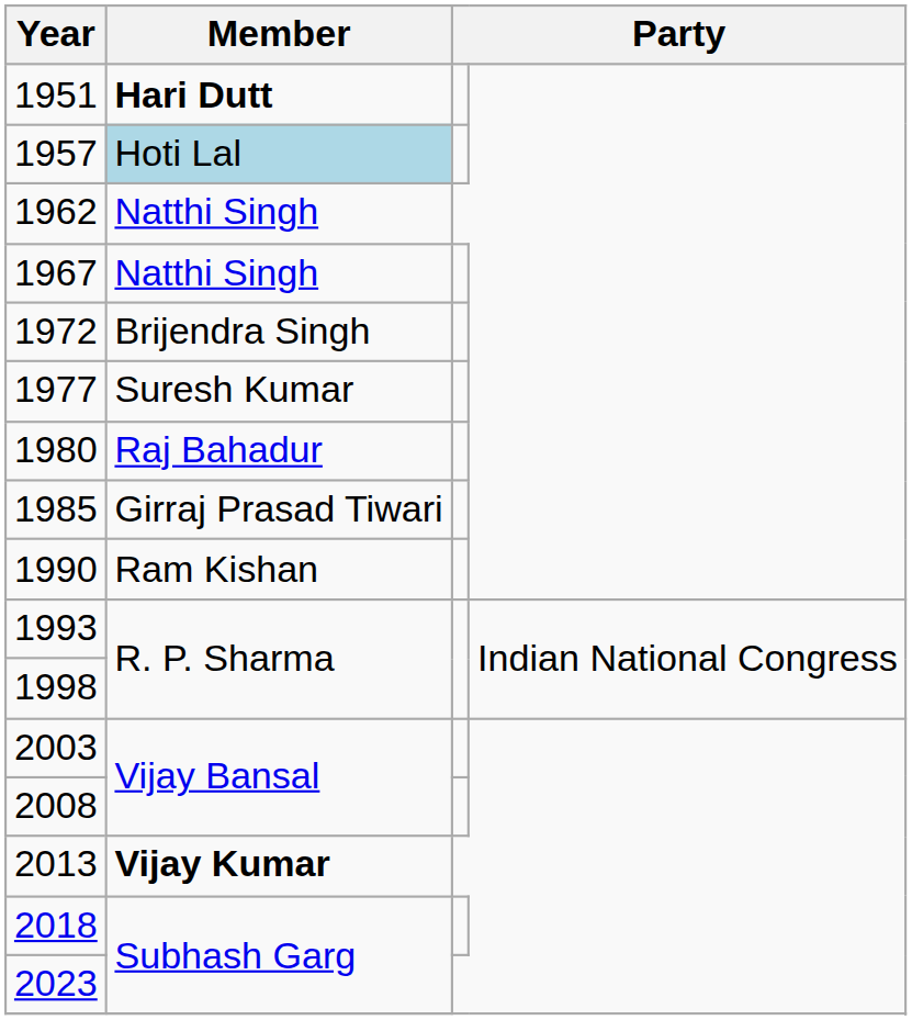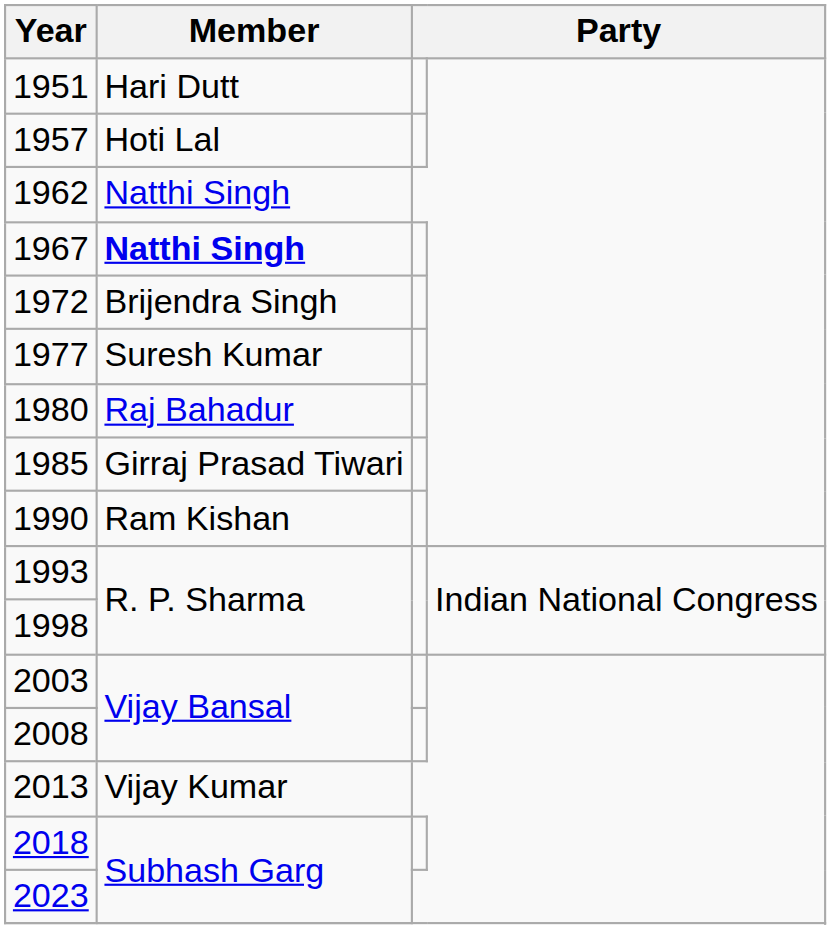 <table class="wikitable sortable">
 <tr>
 <th>Year</th>
 <th>Member</th>
 <th colspan="2">Party</th>
 </tr>
 <tr>
 <td>1951</td>
-<td><strong>Hari Dutt</strong></td>
+<td>Hari Dutt</td>
 <td></td>
 </tr>
 <tr>
 <td>1957</td>
-<td style="background: lightblue;">Hoti Lal</td>
+<td>Hoti Lal</td>
 <td></td>
 </tr>
 <tr>
 <td>1962</td>
 <td><a href='#'>Natthi Singh</a></td>
 </tr>
 <tr>
 <td>1967</td>
-<td><a href='#'>Natthi Singh</a></td>
+<td><strong><a href='#'>Natthi Singh</a></strong></td>
 <td></td>
 </tr>
 <tr>
 <td>1972</td>
 <td>Brijendra Singh</td>
 <td></td>
 </tr>
 <tr>
 <td>1977</td>
 <td>Suresh Kumar</td>
 <td></td>
 </tr>
 <tr>
 <td>1980</td>
 <td><a href='#'>Raj Bahadur</a></td>
 <td></td>
 </tr>
 <tr>
 <td>1985</td>
 <td>Girraj Prasad Tiwari</td>
 <td></td>
 </tr>
 <tr>
 <td>1990</td>
 <td>Ram Kishan</td>
 <td></td>
 </tr>
 <tr>
 <td>1993</td>
 <td rowspan=2>R. P. Sharma</td>
 <td rowspan=2 style="background-color: "></td>
 <td rowspan=2>Indian National Congress</td>
 </tr>
 <tr>
 <td>1998</td>
 </tr>
 <tr>
 <td>2003</td>
 <td rowspan=2><a href='#'>Vijay Bansal</a></td>
 <td></td>
 </tr>
 <tr>
 <td>2008</td>
 <td></td>
 </tr>
 <tr>
 <td>2013</td>
-<td><strong>Vijay Kumar</strong></td>
+<td>Vijay Kumar</td>
 </tr>
 <tr>
 <td><a href='#'>2018</a></td>
 <td rowspan=2><a href='#'>Subhash Garg</a></td>
 <td></td>
 </tr>
 <tr>
 <td><a href='#'>2023</a></td>
 </tr>
 <tr>
 </tr>
 </table>
